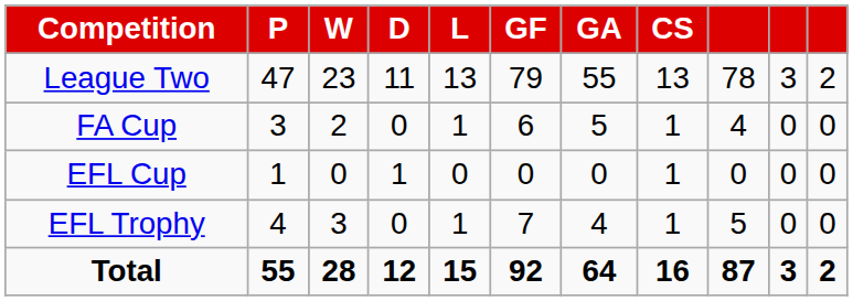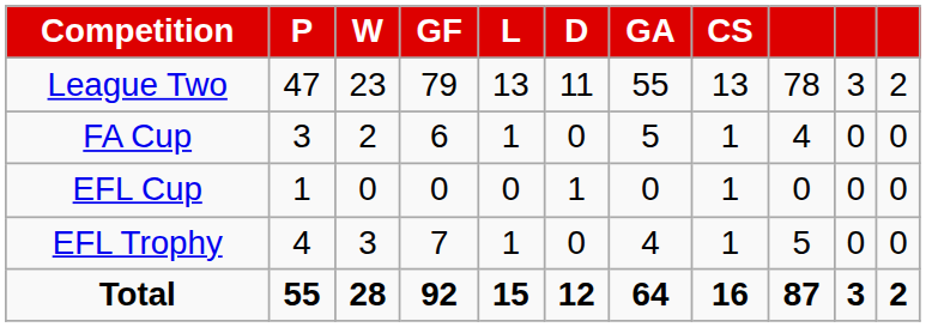 <table class="wikitable sortable" style="text-align:center;width:50%;">
 <tr>
 <th style="background:#DD0000;color:#fff;">Competition</th>
 <th style="background:#DD0000;color:#fff;">P</th>
 <th style="background:#DD0000;color:#fff;">W</th>
+<th style="background:#DD0000;color:#fff;">GF</th>
+<th style="background:#DD0000;color:#fff;">L</th>
 <th style="background:#DD0000;color:#fff;">D</th>
-<th style="background:#DD0000;color:#fff;">L</th>
-<th style="background:#DD0000;color:#fff;">GF</th>
 <th style="background:#DD0000;color:#fff;">GA</th>
 <th style="background:#DD0000;color:#fff;">CS</th>
 <th style="background:#DD0000;color:#fff;"></th>
 <th style="background:#DD0000;color:#fff;"></th>
 <th style="background:#DD0000;color:#fff;"></th>
 </tr>
 <tr>
 <td><a href='#'>League Two</a></td>
 <td>47</td>
 <td>23</td>
+<td>79</td>
+<td>13</td>
 <td>11</td>
-<td>13</td>
-<td>79</td>
 <td>55</td>
 <td>13</td>
 <td>78</td>
 <td>3</td>
 <td>2</td>
 </tr>
 <tr>
 <td><a href='#'>FA Cup</a></td>
 <td>3</td>
 <td>2</td>
+<td>6</td>
+<td>1</td>
 <td>0</td>
-<td>1</td>
-<td>6</td>
 <td>5</td>
 <td>1</td>
 <td>4</td>
 <td>0</td>
 <td>0</td>
 </tr>
 <tr>
 <td><a href='#'>EFL Cup</a></td>
 <td>1</td>
 <td>0</td>
-<td>1</td>
 <td>0</td>
 <td>0</td>
+<td>1</td>
 <td>0</td>
 <td>1</td>
 <td>0</td>
 <td>0</td>
 <td>0</td>
 </tr>
 <tr>
 <td><a href='#'>EFL Trophy</a></td>
 <td>4</td>
 <td>3</td>
+<td>7</td>
+<td>1</td>
 <td>0</td>
-<td>1</td>
-<td>7</td>
 <td>4</td>
 <td>1</td>
 <td>5</td>
 <td>0</td>
 <td>0</td>
 </tr>
 <tr>
 <td><strong>Total</strong></td>
 <td><strong>55</strong></td>
 <td><strong>28</strong></td>
+<td><strong>92</strong></td>
+<td><strong>15</strong></td>
 <td><strong>12</strong></td>
-<td><strong>15</strong></td>
-<td><strong>92</strong></td>
 <td><strong>64</strong></td>
 <td><strong>16</strong></td>
 <td><strong>87</strong></td>
 <td><strong>3</strong></td>
 <td><strong>2</strong></td>
 </tr>
 </table>
